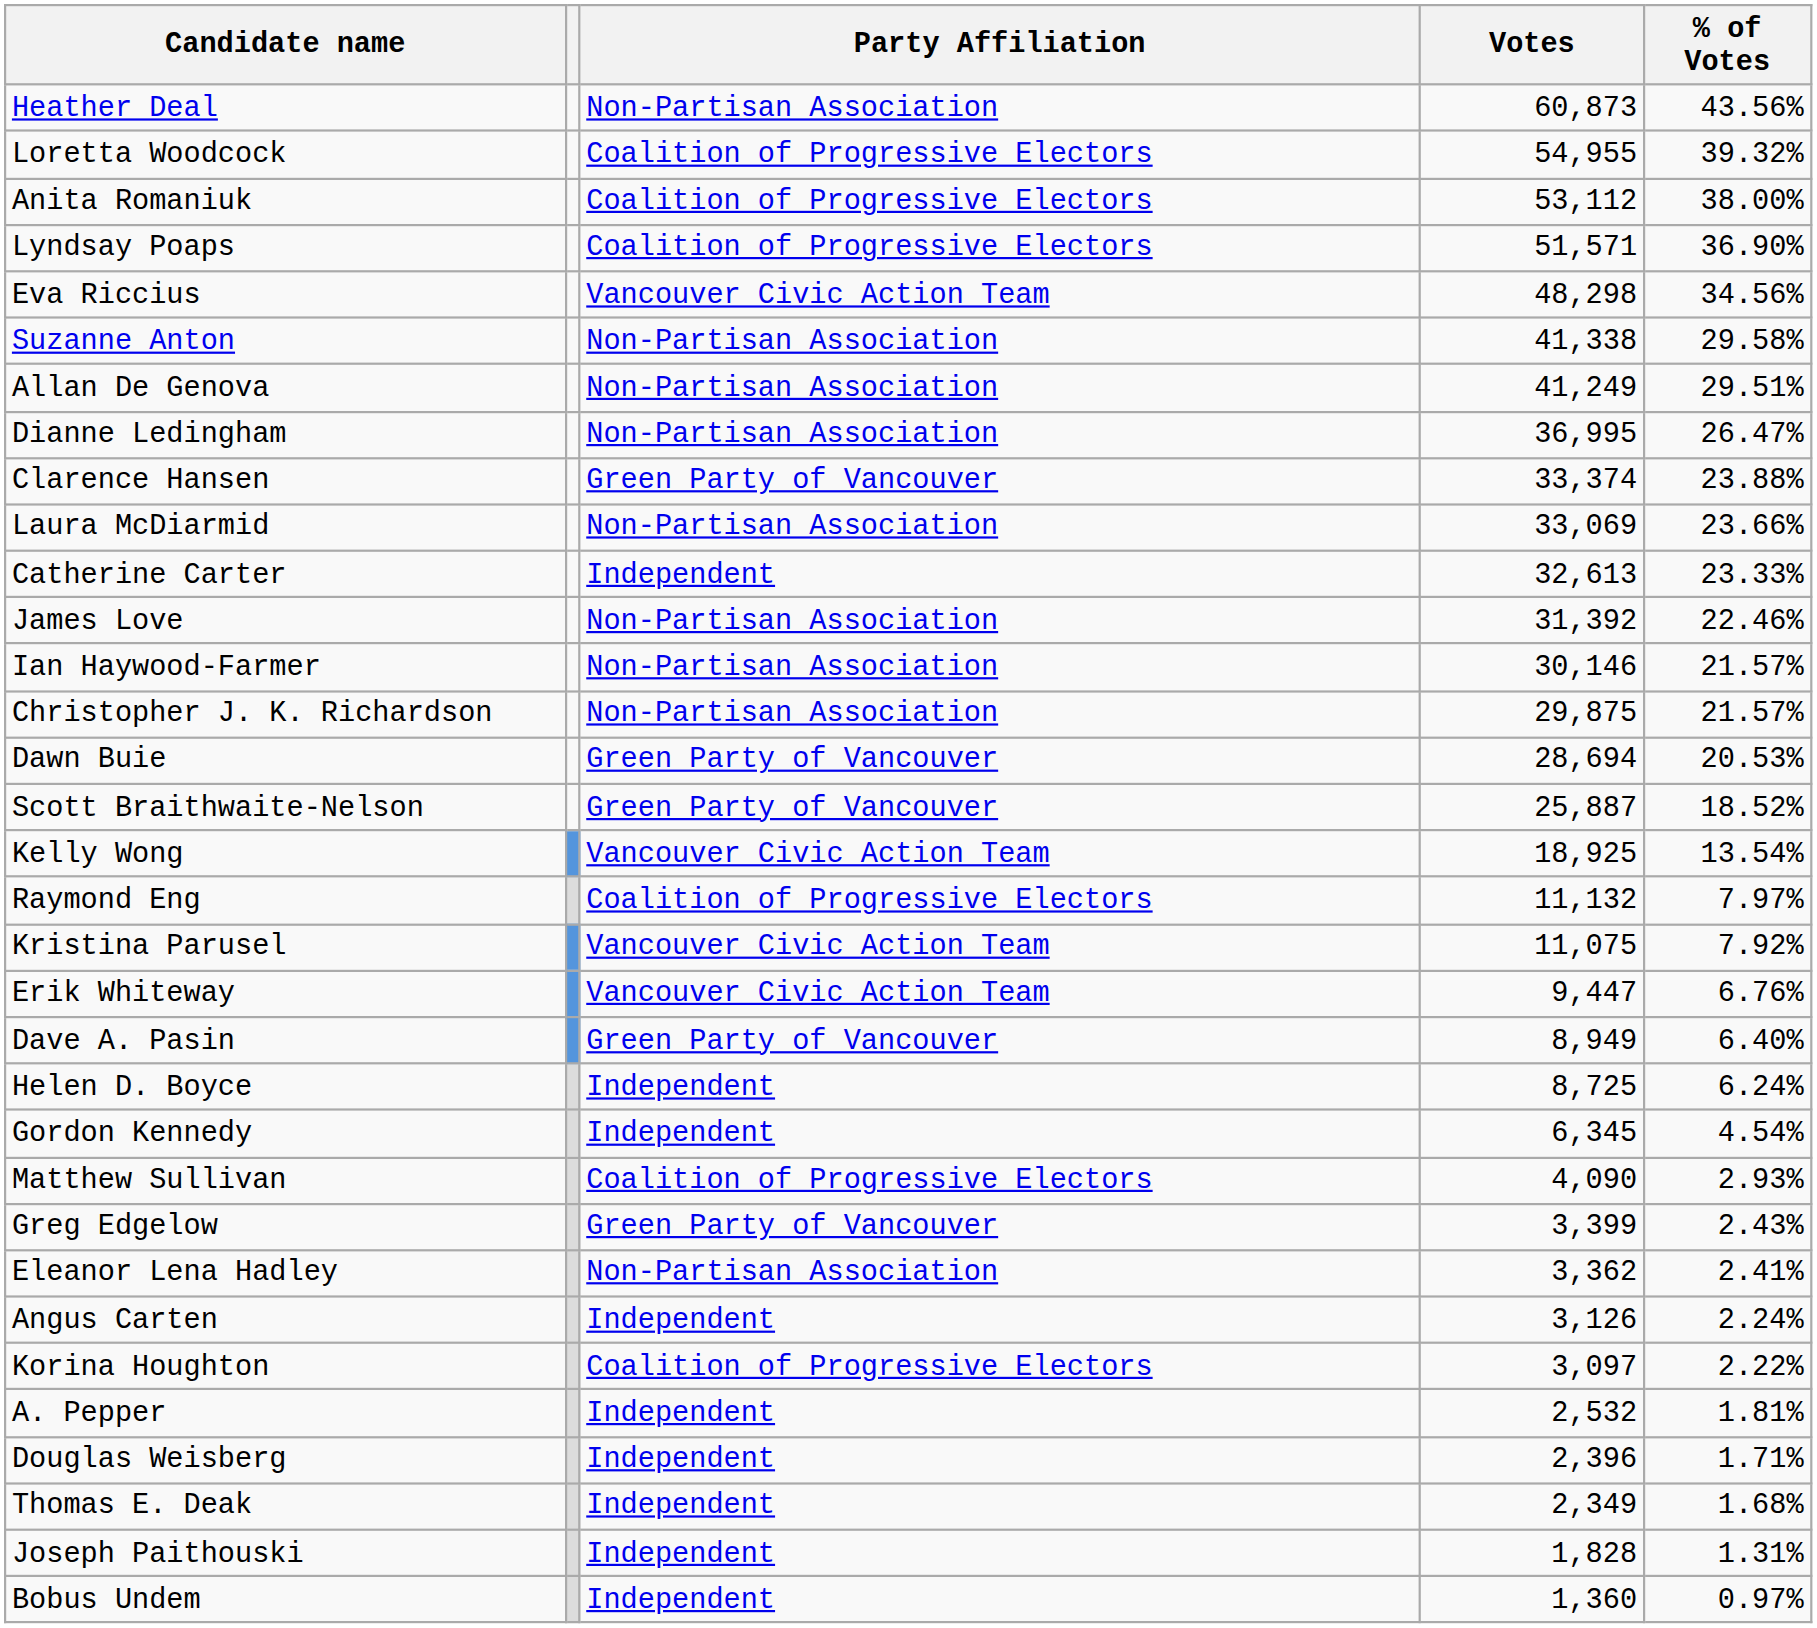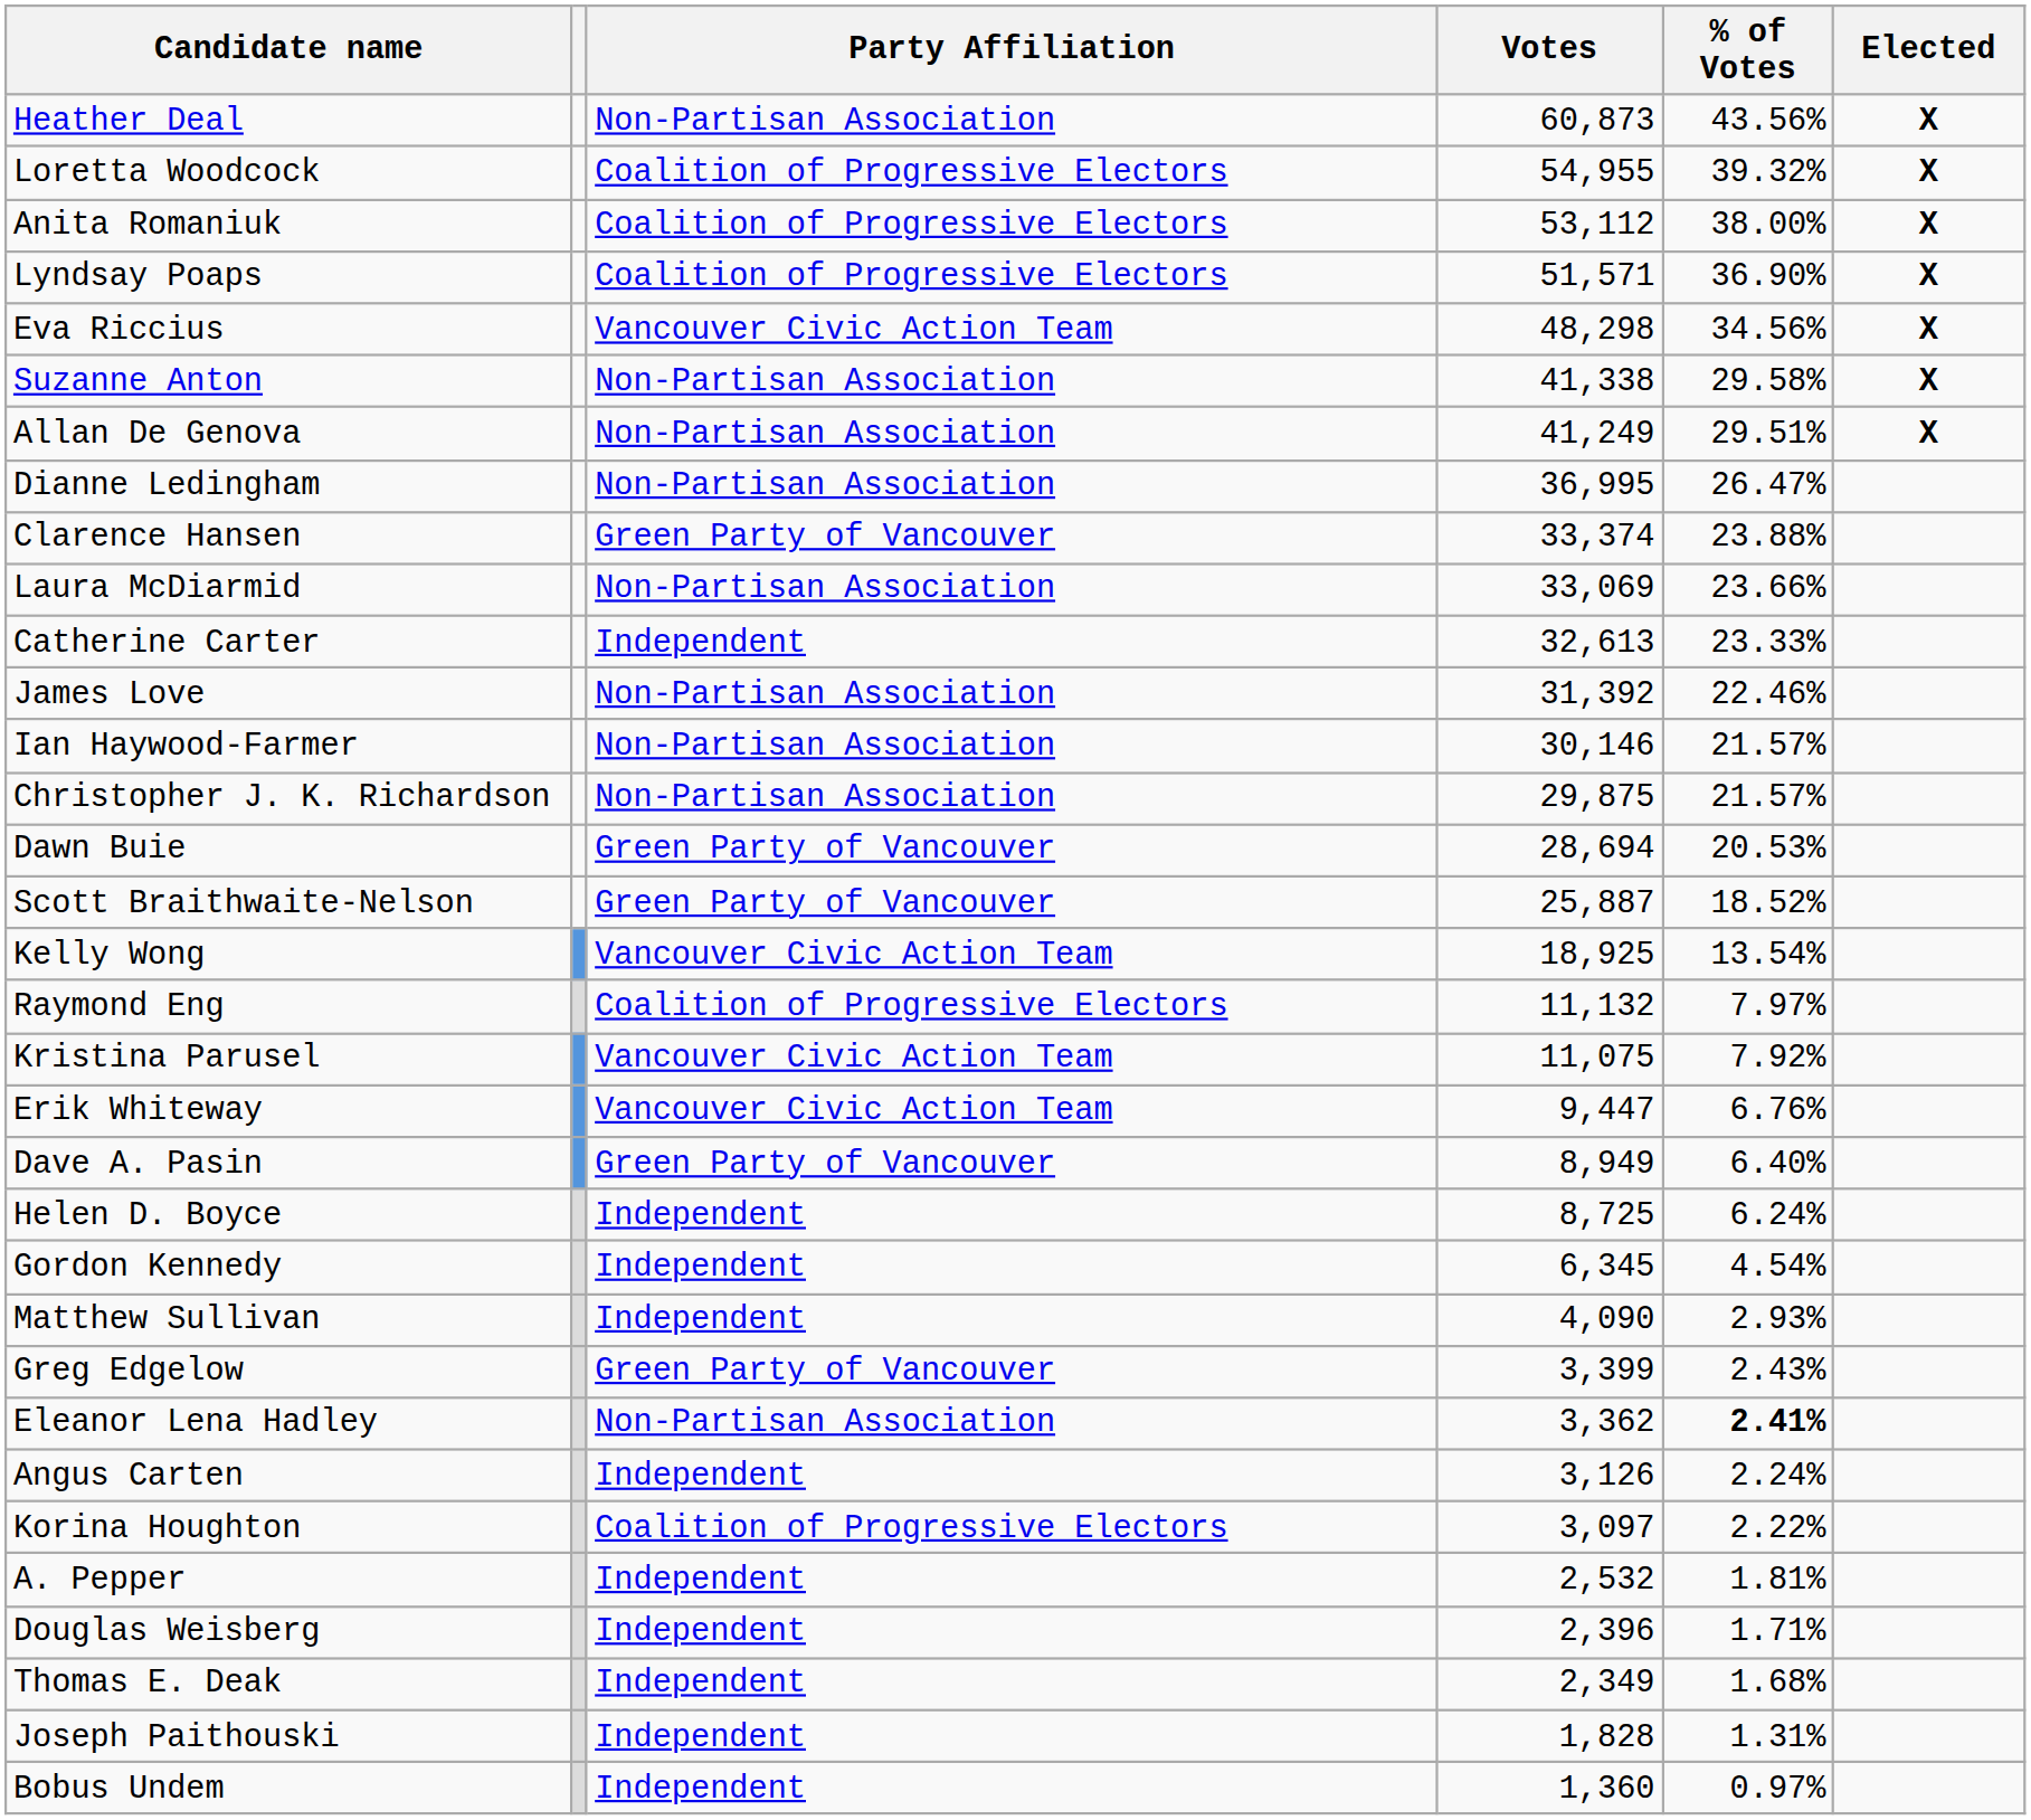 <table class="wikitable sortable" style="margin:5px; width: 65%">
 <tr>
 <th style="width:20%;">Candidate name</th>
 <th style="width:0.05%;" class="unsortable"></th>
 <th style="width:30%;">Party Affiliation</th>
 <th style="width:8%;">Votes</th>
 <th style="width:5%;">% of Votes</th>
+<th style="width:5%;">Elected</th>
 </tr>
 <tr>
 <td data-sort-value="Deal, Heather"><a href='#'>Heather Deal</a></td>
 <td style="background:"></td>
 <td><a href='#'>Non-Partisan Association</a></td>
 <td style="text-align: right;">60,873</td>
 <td style="text-align: right;">43.56%</td>
+<td style="text-align: center;"><strong>X</strong></td>
 </tr>
 <tr>
 <td data-sort-value="Woodcock, Loretta">Loretta Woodcock</td>
 <td style="background:"></td>
 <td><a href='#'>Coalition of Progressive Electors</a></td>
 <td style="text-align: right;">54,955</td>
 <td style="text-align: right;">39.32%</td>
+<td style="text-align: center;"><strong>X</strong></td>
 </tr>
 <tr>
 <td data-sort-value="Romaniuk, Anita">Anita Romaniuk</td>
 <td style="background:"></td>
 <td><a href='#'>Coalition of Progressive Electors</a></td>
 <td style="text-align: right;">53,112</td>
 <td style="text-align: right;">38.00%</td>
+<td style="text-align: center;"><strong>X</strong></td>
 </tr>
 <tr>
 <td data-sort-value="Poaps, Lyndsay">Lyndsay Poaps</td>
 <td style="background:"></td>
 <td><a href='#'>Coalition of Progressive Electors</a></td>
 <td style="text-align: right;">51,571</td>
 <td style="text-align: right;">36.90%</td>
+<td style="text-align: center;"><strong>X</strong></td>
 </tr>
 <tr>
 <td data-sort-value="Riccius, Eva">Eva Riccius</td>
 <td style="background:"></td>
 <td><a href='#'>Vancouver Civic Action Team</a></td>
 <td style="text-align: right;">48,298</td>
 <td style="text-align: right;">34.56%</td>
+<td style="text-align: center;"><strong>X</strong></td>
 </tr>
 <tr>
 <td data-sort-value="Anton, Suzanne"><a href='#'>Suzanne Anton</a></td>
 <td style="background:"></td>
 <td><a href='#'>Non-Partisan Association</a></td>
 <td style="text-align: right;">41,338</td>
 <td style="text-align: right;">29.58%</td>
+<td style="text-align: center;"><strong>X</strong></td>
 </tr>
 <tr>
 <td data-sort-value="De Genova, Allan">Allan De Genova</td>
 <td style="background:"></td>
 <td><a href='#'>Non-Partisan Association</a></td>
 <td style="text-align: right;">41,249</td>
 <td style="text-align: right;">29.51%</td>
+<td style="text-align: center;"><strong>X</strong></td>
 </tr>
 <tr>
 <td data-sort-value="Ledingham, Dianne">Dianne Ledingham</td>
 <td style="background:"></td>
 <td><a href='#'>Non-Partisan Association</a></td>
 <td style="text-align: right;">36,995</td>
 <td style="text-align: right;">26.47%</td>
+<td></td>
 </tr>
 <tr>
 <td data-sort-value="Hansen, Clarence">Clarence Hansen</td>
 <td style="background:"></td>
 <td><a href='#'>Green Party of Vancouver</a></td>
 <td style="text-align: right;">33,374</td>
 <td style="text-align: right;">23.88%</td>
+<td></td>
 </tr>
 <tr>
 <td data-sort-value="McDiarmid, Laura">Laura McDiarmid</td>
 <td style="background:"></td>
 <td><a href='#'>Non-Partisan Association</a></td>
 <td style="text-align: right;">33,069</td>
 <td style="text-align: right;">23.66%</td>
+<td></td>
 </tr>
 <tr>
 <td data-sort-value="Carter, Catherine">Catherine Carter</td>
 <td style="background:"></td>
 <td><a href='#'>Independent</a></td>
 <td style="text-align: right;">32,613</td>
 <td style="text-align: right;">23.33%</td>
+<td></td>
 </tr>
 <tr>
 <td data-sort-value="Love, James">James Love</td>
 <td style="background:"></td>
 <td><a href='#'>Non-Partisan Association</a></td>
 <td style="text-align: right;">31,392</td>
 <td style="text-align: right;">22.46%</td>
+<td></td>
 </tr>
 <tr>
 <td data-sort-value="Haywood-Farmer, Ian">Ian Haywood-Farmer</td>
 <td style="background:"></td>
 <td><a href='#'>Non-Partisan Association</a></td>
 <td style="text-align: right;">30,146</td>
 <td style="text-align: right;">21.57%</td>
+<td></td>
 </tr>
 <tr>
 <td data-sort-value="Richardson, Christopher J. K.">Christopher J. K. Richardson</td>
 <td style="background:"></td>
 <td><a href='#'>Non-Partisan Association</a></td>
 <td style="text-align: right;">29,875</td>
 <td style="text-align: right;">21.57%</td>
+<td></td>
 </tr>
 <tr>
 <td data-sort-value="Buie, Dawn">Dawn Buie</td>
 <td style="background:"></td>
 <td><a href='#'>Green Party of Vancouver</a></td>
 <td style="text-align: right;">28,694</td>
 <td style="text-align: right;">20.53%</td>
+<td></td>
 </tr>
 <tr>
 <td data-sort-value="Braithwaite-Nelson, Scott">Scott Braithwaite-Nelson</td>
 <td style="background:"></td>
 <td><a href='#'>Green Party of Vancouver</a></td>
 <td style="text-align: right;">25,887</td>
 <td style="text-align: right;">18.52%</td>
+<td></td>
 </tr>
 <tr>
 <td data-sort-value="Wong, Kelly">Kelly Wong</td>
 <td style="background:#5495DD;"></td>
 <td><a href='#'>Vancouver Civic Action Team</a></td>
 <td style="text-align: right;">18,925</td>
 <td style="text-align: right;">13.54%</td>
+<td></td>
 </tr>
 <tr>
 <td data-sort-value="Eng, Raymond">Raymond Eng</td>
 <td style="background:gainsboro;"></td>
 <td><a href='#'>Coalition of Progressive Electors</a></td>
 <td style="text-align: right;">11,132</td>
 <td style="text-align: right;">7.97%</td>
+<td></td>
 </tr>
 <tr>
 <td data-sort-value="Parusel, Kristina">Kristina Parusel</td>
 <td style="background:#5495DD;"></td>
 <td><a href='#'>Vancouver Civic Action Team</a></td>
 <td style="text-align: right;">11,075</td>
 <td style="text-align: right;">7.92%</td>
+<td></td>
 </tr>
 <tr>
 <td data-sort-value="Whiteway, Erik">Erik Whiteway</td>
 <td style="background:#5495DD;"></td>
 <td><a href='#'>Vancouver Civic Action Team</a></td>
 <td style="text-align: right;">9,447</td>
 <td style="text-align: right;">6.76%</td>
+<td></td>
 </tr>
 <tr>
 <td data-sort-value="Pasin, Dave A.">Dave A. Pasin</td>
 <td style="background:#5495DD;"></td>
 <td><a href='#'>Green Party of Vancouver</a></td>
 <td style="text-align: right;">8,949</td>
 <td style="text-align: right;">6.40%</td>
+<td></td>
 </tr>
 <tr>
 <td data-sort-value="Boyce, Helen D.">Helen D. Boyce</td>
 <td style="background:gainsboro;"></td>
 <td><a href='#'>Independent</a></td>
 <td style="text-align: right;">8,725</td>
 <td style="text-align: right;">6.24%</td>
+<td></td>
 </tr>
 <tr>
 <td data-sort-value="Kennedy, Gordon">Gordon Kennedy</td>
 <td style="background:gainsboro;"></td>
 <td><a href='#'>Independent</a></td>
 <td style="text-align: right;">6,345</td>
 <td style="text-align: right;">4.54%</td>
+<td></td>
 </tr>
 <tr>
 <td data-sort-value="Sullivan, Matthew">Matthew Sullivan</td>
 <td style="background:gainsboro;"></td>
-<td><a href='#'>Coalition of Progressive Electors</a></td>
+<td><a href='#'>Independent</a></td>
 <td style="text-align: right;">4,090</td>
 <td style="text-align: right;">2.93%</td>
+<td></td>
 </tr>
 <tr>
 <td data-sort-value="Edgelow, Greg">Greg Edgelow</td>
 <td style="background:gainsboro;"></td>
 <td><a href='#'>Green Party of Vancouver</a></td>
 <td style="text-align: right;">3,399</td>
 <td style="text-align: right;">2.43%</td>
+<td></td>
 </tr>
 <tr>
 <td data-sort-value="Hadley, Eleanor Lena">Eleanor Lena Hadley</td>
 <td style="background:gainsboro;"></td>
 <td><a href='#'>Non-Partisan Association</a></td>
 <td style="text-align: right;">3,362</td>
-<td style="text-align: right;">2.41%</td>
+<td style="text-align: right;"><strong>2.41%</strong></td>
+<td></td>
 </tr>
 <tr>
 <td data-sort-value="Carten, Angus">Angus Carten</td>
 <td style="background:gainsboro;"></td>
 <td><a href='#'>Independent</a></td>
 <td style="text-align: right;">3,126</td>
 <td style="text-align: right;">2.24%</td>
+<td></td>
 </tr>
 <tr>
 <td data-sort-value="Houghton, Korina">Korina Houghton</td>
 <td style="background:gainsboro;"></td>
 <td><a href='#'>Coalition of Progressive Electors</a></td>
 <td style="text-align: right;">3,097</td>
 <td style="text-align: right;">2.22%</td>
+<td></td>
 </tr>
 <tr>
 <td data-sort-value="Pepper, A.">A. Pepper</td>
 <td style="background:gainsboro;"></td>
 <td><a href='#'>Independent</a></td>
 <td style="text-align: right;">2,532</td>
 <td style="text-align: right;">1.81%</td>
+<td></td>
 </tr>
 <tr>
 <td data-sort-value="Weisberg, Douglas">Douglas Weisberg</td>
 <td style="background:gainsboro;"></td>
 <td><a href='#'>Independent</a></td>
 <td style="text-align: right;">2,396</td>
 <td style="text-align: right;">1.71%</td>
+<td></td>
 </tr>
 <tr>
 <td data-sort-value="Deak, Thomas E.">Thomas E. Deak</td>
 <td style="background:gainsboro;"></td>
 <td><a href='#'>Independent</a></td>
 <td style="text-align: right;">2,349</td>
 <td style="text-align: right;">1.68%</td>
+<td></td>
 </tr>
 <tr>
 <td data-sort-value="Paithouski, Joseph">Joseph Paithouski</td>
 <td style="background:gainsboro;"></td>
 <td><a href='#'>Independent</a></td>
 <td style="text-align: right;">1,828</td>
 <td style="text-align: right;">1.31%</td>
+<td></td>
 </tr>
 <tr>
 <td data-sort-value="Undem, Bobus">Bobus Undem</td>
 <td style="background:gainsboro;"></td>
 <td><a href='#'>Independent</a></td>
 <td style="text-align: right;">1,360</td>
 <td style="text-align: right;">0.97%</td>
+<td></td>
 </tr>
 </table>
